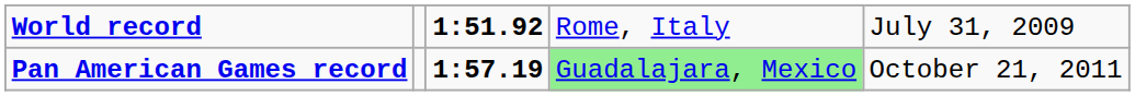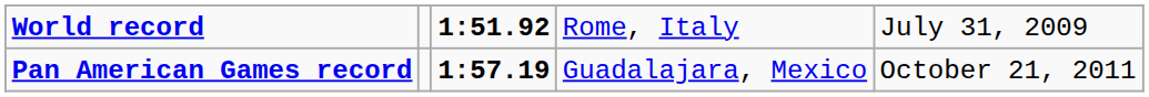 <table class="wikitable">
 <tr>
 <td><strong><a href='#'>World record</a></strong></td>
 <td></td>
 <td><strong>1:51.92</strong></td>
 <td><a href='#'>Rome</a>, <a href='#'>Italy</a></td>
 <td>July 31, 2009</td>
 </tr>
 <tr>
 <td><strong><a href='#'>Pan American Games record</a></strong></td>
 <td></td>
 <td><strong>1:57.19</strong></td>
-<td style="background: lightgreen;"><a href='#'>Guadalajara</a>, <a href='#'>Mexico</a></td>
+<td><a href='#'>Guadalajara</a>, <a href='#'>Mexico</a></td>
 <td>October 21, 2011</td>
 </tr>
 </table>
